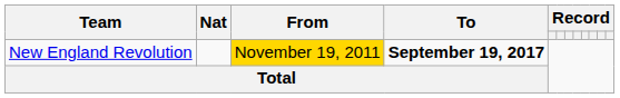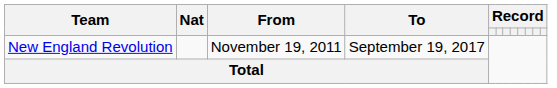 <table class="wikitable" style="text-align: center">
 <tr>
 <th rowspan="2">Team</th>
 <th rowspan="2">Nat</th>
 <th rowspan="2">From</th>
 <th rowspan="2">To</th>
 <th colspan="8">Record</th>
 </tr>
 <tr>
 <th></th>
 <th></th>
 <th></th>
 <th></th>
 <th></th>
 <th></th>
 <th></th>
 <th></th>
 </tr>
 <tr>
 <td align=left><a href='#'>New England Revolution</a></td>
 <td></td>
-<td align=left style="background: gold;">November 19, 2011</td>
-<td align=left><strong>September 19, 2017<br></strong></td>
+<td align=left>November 19, 2011</td>
+<td align=left>September 19, 2017<br></td>
 </tr>
 <tr>
 <th colspan="4">Total<br></th>
 </tr>
 </table>
